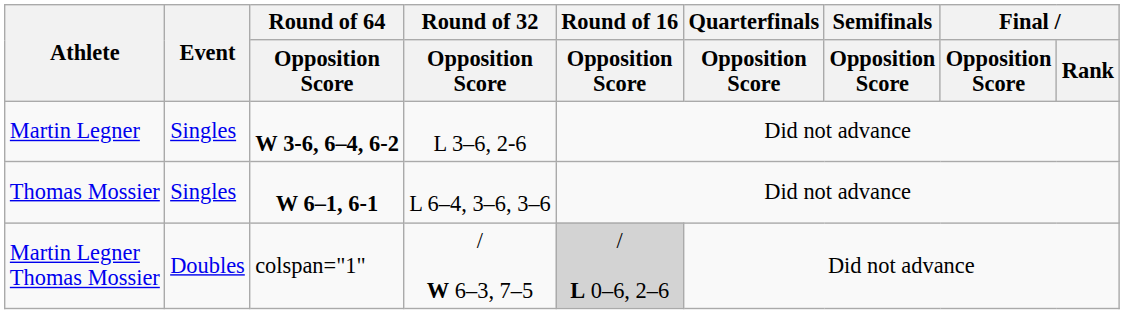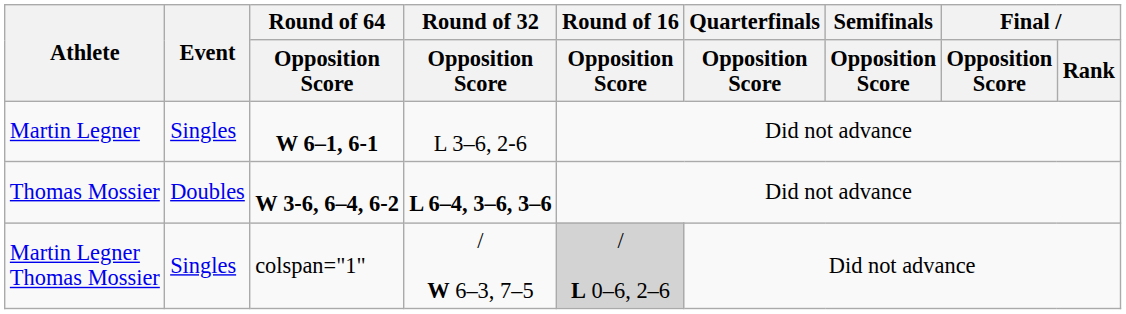 <table class=wikitable>
 <tr>
 <th rowspan="2">Athlete</th>
 <th rowspan="2">Event</th>
 <th>Round of 64</th>
 <th>Round of 32</th>
 <th>Round of 16</th>
 <th>Quarterfinals</th>
 <th>Semifinals</th>
 <th colspan="2">Final / </th>
 </tr>
 <tr>
 <th>Opposition<br>Score</th>
 <th>Opposition<br>Score</th>
 <th>Opposition<br>Score</th>
 <th>Opposition<br>Score</th>
 <th>Opposition<br>Score</th>
 <th>Opposition<br>Score</th>
 <th>Rank</th>
 </tr>
 <tr>
 <td><a href='#'>Martin Legner</a></td>
 <td><a href='#'>Singles</a></td>
-<td align=center> <br> <strong>W</strong> <strong>3-6, 6–4, 6-2</strong></td>
+<td align=center> <br> <strong>W 6–1, 6-1</strong></td>
 <td align=center> <br> L 3–6, 2-6</td>
 <td colspan=5 align=center>Did not advance</td>
 </tr>
 <tr>
 <td><a href='#'>Thomas Mossier</a></td>
-<td><a href='#'>Singles</a></td>
-<td align=center> <br> <strong>W 6–1, 6-1</strong></td>
-<td align=center> <br> L 6–4, 3–6, 3–6</td>
+<td><a href='#'>Doubles</a></td>
+<td align=center> <br> <strong>W</strong> <strong>3-6, 6–4, 6-2</strong></td>
+<td align=center><strong> <br> L 6–4, 3–6, 3–6</strong></td>
 <td colspan=5 align=center>Did not advance</td>
 </tr>
 <tr>
 <td><a href='#'>Martin Legner</a> <br> <a href='#'>Thomas Mossier</a></td>
-<td><a href='#'>Doubles</a></td>
+<td><a href='#'>Singles</a></td>
 <td>colspan="1" </td>
 <td align=center> / <br> <br> <strong>W</strong> 6–3, 7–5</td>
 <td align=center style="background: lightgrey;"> / <br>  <br> <strong>L</strong> 0–6, 2–6</td>
 <td colspan=4 align=center>Did not advance</td>
 </tr>
 </table>
